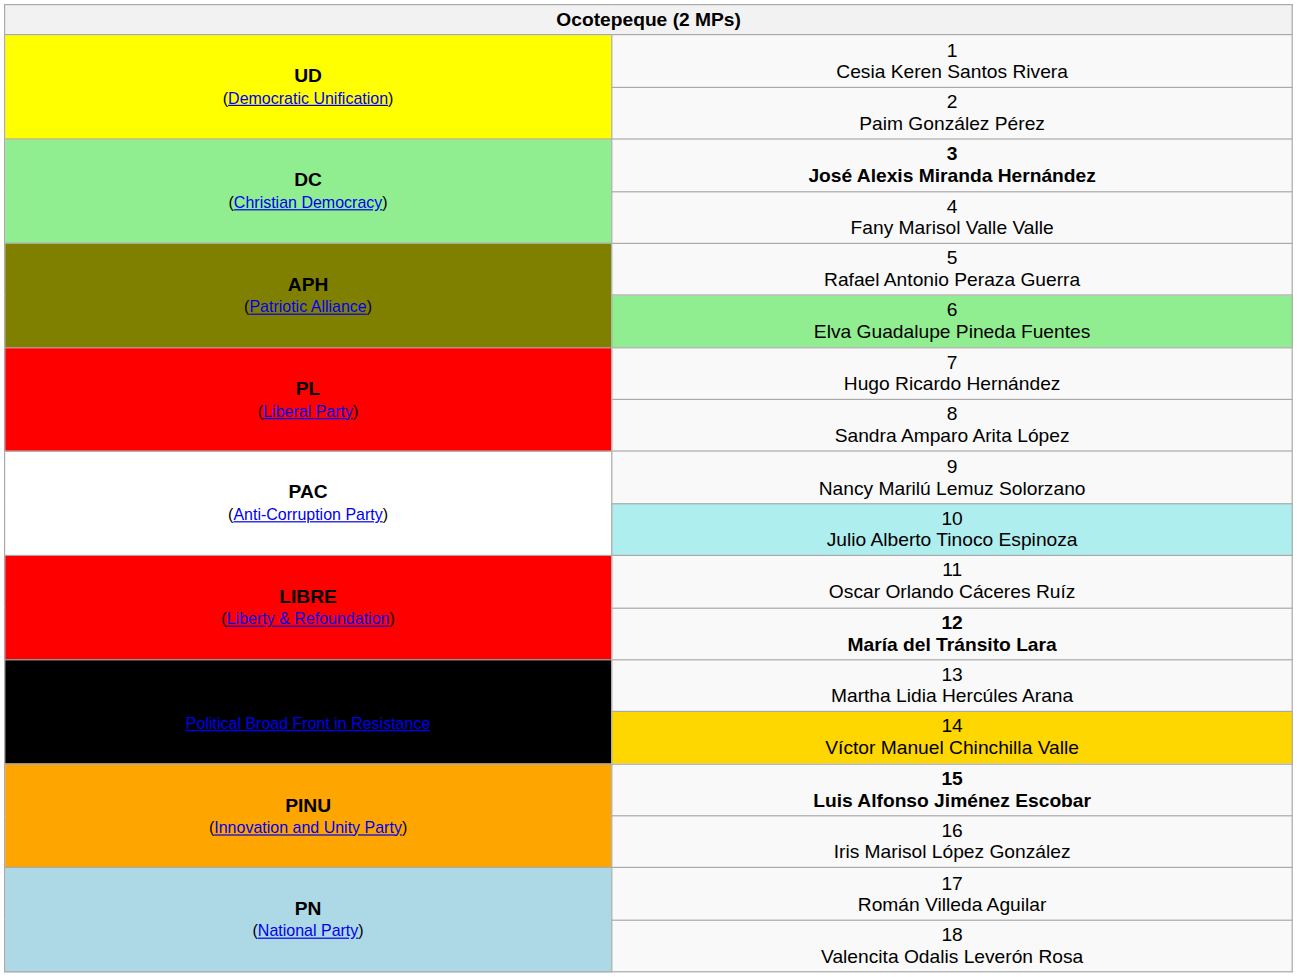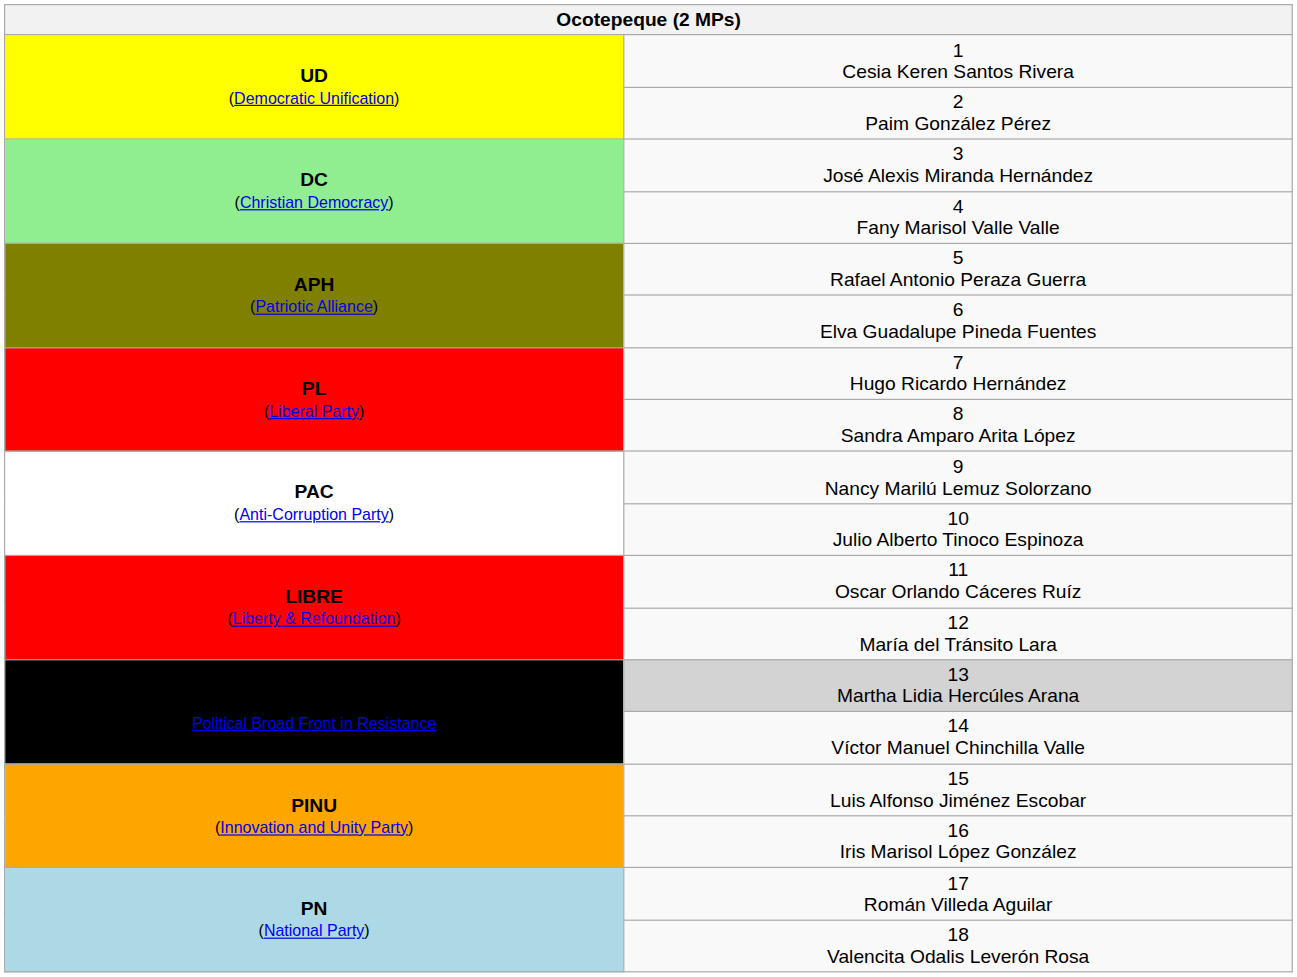 <table class="wikitable" align="center" style="width: 85%">
 <tr>
 <th colspan=24>Ocotepeque (2 MPs)</th>
 </tr>
 <tr align="center">
 <td bgcolor="yellow" rowspan=2><span><span><strong>UD</strong></span></span><br><small>(<a href='#'>Democratic Unification</a>)</small></td>
 <td>1<br>Cesia Keren Santos Rivera</td>
 </tr>
 <tr align="center">
 <td>2<br>Paim González Pérez</td>
 </tr>
 <tr align="center">
 <td bgcolor="lightgreen" rowspan=2><span><span><strong>DC</strong></span></span><br><small>(<a href='#'>Christian Democracy</a>)</small></td>
-<td><strong>3<br>José Alexis Miranda Hernández</strong></td>
+<td>3<br>José Alexis Miranda Hernández</td>
 </tr>
 <tr align="center">
 <td>4<br>Fany Marisol Valle Valle</td>
 </tr>
 <tr align="center">
 <td bgcolor="olive" rowspan=2><span><span><strong>APH</strong></span></span><br><small>(<a href='#'>Patriotic Alliance</a>)</small></td>
 <td>5<br>Rafael Antonio Peraza Guerra</td>
 </tr>
 <tr align="center">
-<td style="background: lightgreen;">6<br>Elva Guadalupe Pineda Fuentes</td>
+<td>6<br>Elva Guadalupe Pineda Fuentes</td>
 </tr>
 <tr align="center">
 <td bgcolor="red" rowspan=2><span><span><strong>PL</strong></span></span><br><small>(<a href='#'>Liberal Party</a>)</small></td>
 <td>7<br>Hugo Ricardo Hernández</td>
 </tr>
 <tr align="center">
 <td>8<br>Sandra Amparo Arita López</td>
 </tr>
 <tr align="center">
 <td bgcolor="white" rowspan=2><span><span><strong>PAC</strong></span></span><br><small>(<a href='#'>Anti-Corruption Party</a>)</small></td>
 <td>9<br>Nancy Marilú Lemuz Solorzano</td>
 </tr>
 <tr align="center">
-<td style="background: paleturquoise;">10<br>Julio Alberto Tinoco Espinoza</td>
+<td>10<br>Julio Alberto Tinoco Espinoza</td>
 </tr>
 <tr align="center">
 <td bgcolor="red" rowspan=2><span><span><strong>LIBRE</strong></span></span><br><small>(<a href='#'>Liberty & Refoundation</a>)</small></td>
 <td>11<br>Oscar Orlando Cáceres Ruíz</td>
 </tr>
 <tr align="center">
-<td><strong>12<br>María del Tránsito Lara</strong></td>
+<td>12<br>María del Tránsito Lara</td>
 </tr>
 <tr align="center">
 <td bgcolor="black" rowspan=2><span><span><strong>FAPER</strong></span></span><br><small>(<a href='#'>Political Broad Front in Resistance</a>)</small></td>
-<td>13<br>Martha Lidia Hercúles Arana</td>
+<td style="background: lightgrey;">13<br>Martha Lidia Hercúles Arana</td>
 </tr>
 <tr align="center">
-<td style="background: gold;">14<br>Víctor Manuel Chinchilla Valle</td>
+<td>14<br>Víctor Manuel Chinchilla Valle</td>
 </tr>
 <tr align="center">
 <td bgcolor="orange" rowspan=2><span><span><strong>PINU</strong></span></span><br><small>(<a href='#'>Innovation and Unity Party</a>)</small></td>
-<td><strong>15<br>Luis Alfonso Jiménez Escobar</strong></td>
+<td>15<br>Luis Alfonso Jiménez Escobar</td>
 </tr>
 <tr align="center">
 <td>16<br>Iris Marisol López González</td>
 </tr>
 <tr align="center">
 <td bgcolor="lightblue" rowspan=2><span><span><strong>PN</strong></span></span><br><small>(<a href='#'>National Party</a>)</small></td>
 <td>17<br>Román Villeda Aguilar</td>
 </tr>
 <tr align="center">
 <td>18<br>Valencita Odalis Leverón Rosa</td>
 </tr>
 </table>
